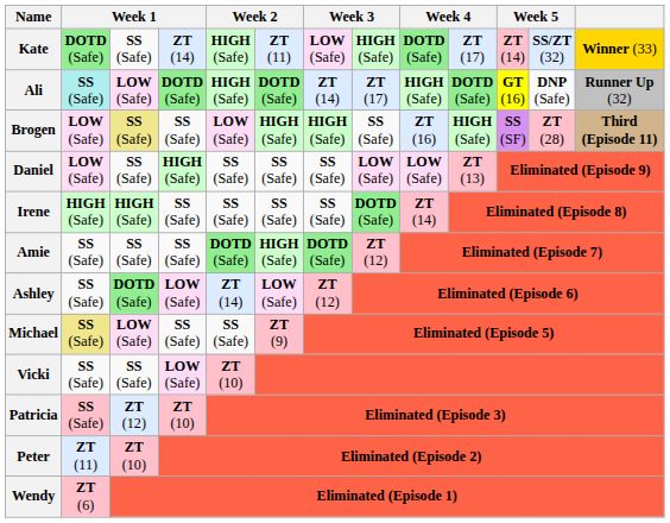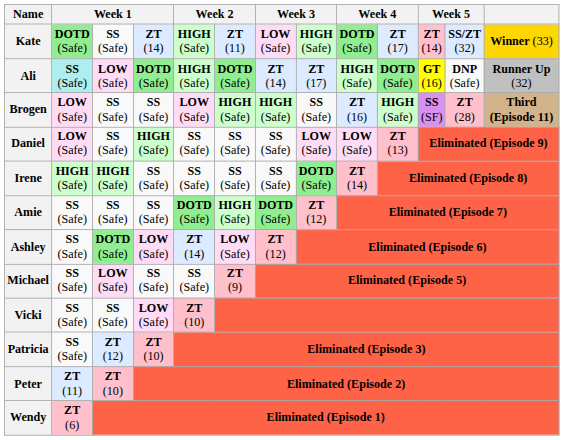 <table class="wikitable" style="width:100%; text-align:center; font-size: 85%; line-height:16px;">
 <tr>
 <th rowspan="1">Name</th>
 <th colspan="3">Week 1</th>
 <th colspan="2">Week 2</th>
 <th colspan="2">Week 3</th>
 <th colspan="2">Week 4</th>
 <th colspan="2">Week 5</th>
 <th></th>
 </tr>
 <tr>
 <th>Kate</th>
 <td style="background:lightgreen;"><strong>DOTD</strong><br>(Safe)</td>
 <td><strong>SS</strong><br>(Safe)</td>
 <td bgcolor="#DCEBFF"><strong>ZT</strong><br>(14)</td>
 <td style="background:#cfc;"><strong>HIGH</strong><br>(Safe)</td>
 <td bgcolor="#DCEBFF"><strong>ZT</strong><br>(11)</td>
 <td style="background:#ffdcf6;"><strong>LOW</strong><br>(Safe)</td>
 <td style="background:#cfc;"><strong>HIGH</strong><br>(Safe)</td>
 <td style="background:lightgreen"><strong>DOTD</strong><br>(Safe)</td>
 <td bgcolor="#DCEBFF"><strong>ZT</strong><br>(17)</td>
 <td style="background:pink;"><strong>ZT</strong><br>(14)</td>
 <td style="background:#DCEBFF;"><strong>SS/ZT</strong><br>(32)</td>
 <td style="background:gold;"><strong>Winner</strong> (33)</td>
 </tr>
 <tr>
 <th>Ali</th>
 <td style="background: paleturquoise;"><strong>SS</strong><br>(Safe)</td>
 <td style="background:#ffdcf6;"><strong>LOW</strong><br>(Safe)</td>
 <td style="background:lightgreen;"><strong>DOTD</strong><br>(Safe)</td>
 <td style="background:#cfc;"><strong>HIGH</strong><br>(Safe)</td>
 <td style="background:lightgreen;"><strong>DOTD</strong><br>(Safe)</td>
 <td bgcolor="#DCEBFF"><strong>ZT</strong><br>(14)</td>
 <td bgcolor="#DCEBFF"><strong>ZT</strong><br>(17)</td>
 <td style="background:#cfc;"><strong>HIGH</strong><br>(Safe)</td>
 <td style="background:lightgreen;"><strong>DOTD</strong><br>(Safe)</td>
 <td style="background:yellow;"><strong>GT</strong><br>(16)</td>
 <td><strong>DNP</strong><br>(Safe)</td>
 <td style="background:silver;"><strong>Runner Up</strong> (32)</td>
 </tr>
 <tr>
 <th>Brogen</th>
 <td style="background:#ffdcf6;"><strong>LOW</strong><br>(Safe)</td>
-<td style="background: khaki;"><strong>SS</strong><br>(Safe)</td>
+<td><strong>SS</strong><br>(Safe)</td>
 <td><strong>SS</strong><br>(Safe)</td>
 <td style="background:#ffdcf6;"><strong>LOW</strong><br>(Safe)</td>
 <td style="background:#cfc;"><strong>HIGH</strong><br>(Safe)</td>
 <td style="background:#cfc;"><strong>HIGH</strong><br>(Safe)</td>
 <td><strong>SS</strong><br>(Safe)</td>
 <td bgcolor="#DCEBFF"><strong>ZT</strong><br>(16)</td>
 <td style="background:#cfc;"><strong>HIGH</strong><br>(Safe)</td>
 <td style="background:#D891EF;"><strong>SS</strong><br>(SF)</td>
 <td style="background:pink;"><strong>ZT</strong><br>(28)</td>
 <td style="background:tan;"><strong>Third (Episode 11)</strong></td>
 </tr>
 <tr>
 <th>Daniel</th>
 <td style="background:#ffdcf6;"><strong>LOW</strong><br>(Safe)</td>
 <td><strong>SS</strong><br>(Safe)</td>
 <td style="background:#cfc;"><strong>HIGH</strong><br> (Safe)</td>
 <td><strong>SS</strong><br>(Safe)</td>
 <td><strong>SS</strong><br>(Safe)</td>
 <td><strong>SS</strong><br>(Safe)</td>
 <td style="background:#ffdcf6;"><strong>LOW</strong><br>(Safe)</td>
 <td style="background:#ffdcf6;"><strong>LOW</strong><br>(Safe)</td>
 <td style="background:pink;"><strong>ZT</strong><br>(13)</td>
 <td colspan="4" style="background:tomato;"><strong>Eliminated (Episode 9)</strong></td>
 </tr>
 <tr>
 <th>Irene</th>
 <td style="background:#cfc;"><strong>HIGH</strong><br>(Safe)</td>
 <td style="background:#cfc;"><strong>HIGH</strong><br>(Safe)</td>
 <td><strong>SS</strong><br>(Safe)</td>
 <td><strong>SS</strong><br>(Safe)</td>
 <td><strong>SS</strong><br>(Safe)</td>
 <td><strong>SS</strong><br>(Safe)</td>
 <td style="background:lightgreen;"><strong>DOTD</strong><br>(Safe)</td>
 <td style="background:pink;"><strong>ZT</strong><br>(14)</td>
 <td colspan="5" style="background:tomato;"><strong>Eliminated (Episode 8)</strong></td>
 </tr>
 <tr>
 <th>Amie</th>
 <td><strong>SS</strong><br>(Safe)</td>
 <td><strong>SS</strong><br>(Safe)</td>
 <td><strong>SS</strong><br>(Safe)</td>
 <td style="background:lightgreen;"><strong>DOTD</strong><br>(Safe)</td>
 <td style="background:#cfc;"><strong>HIGH</strong><br>(Safe)</td>
 <td style="background:lightgreen;"><strong>DOTD</strong><br>(Safe)</td>
 <td style="background:pink;"><strong>ZT</strong><br>(12)</td>
 <td colspan="6" style="background:tomato;"><strong>Eliminated (Episode 7)</strong></td>
 </tr>
 <tr>
 <th>Ashley</th>
 <td><strong>SS</strong><br>(Safe)</td>
 <td style="background:lightgreen;"><strong>DOTD</strong><br>(Safe)</td>
 <td style="background:#ffdcf6;"><strong>LOW</strong><br>(Safe)</td>
 <td bgcolor="#DCEBFF"><strong>ZT</strong><br>(14)</td>
 <td style="background:#ffdcf6;"><strong>LOW</strong><br>(Safe)</td>
 <td style="background:pink;"><strong>ZT</strong><br>(12)</td>
 <td colspan="7" style="background:tomato;"><strong>Eliminated (Episode 6)</strong></td>
 </tr>
 <tr>
 <th>Michael</th>
-<td style="background: khaki;"><strong>SS</strong><br>(Safe)</td>
+<td><strong>SS</strong><br>(Safe)</td>
 <td style="background:#ffdcf6;"><strong>LOW</strong><br>(Safe)</td>
 <td><strong>SS</strong><br>(Safe)</td>
 <td><strong>SS</strong><br>(Safe)</td>
 <td style="background:pink;"><strong>ZT</strong><br>(9)</td>
 <td colspan="8" style="background:tomato;"><strong>Eliminated (Episode 5)</strong></td>
 </tr>
 <tr>
 <th>Vicki</th>
 <td><strong>SS</strong><br>(Safe)</td>
 <td><strong>SS</strong><br>(Safe)</td>
 <td style="background:#ffdcf6;"><strong>LOW</strong><br>(Safe)</td>
 <td style="background:pink;"><strong>ZT</strong><br>(10)</td>
 <td colspan="9" style="background:tomato;"></td>
 </tr>
 <tr>
 <th>Patricia</th>
-<td style="background: pink;"><strong>SS</strong><br>(Safe)</td>
+<td><strong>SS</strong><br>(Safe)</td>
 <td bgcolor="#DCEBFF"><strong>ZT</strong><br>(12)</td>
 <td style="background:pink;"><strong>ZT</strong><br>(10)</td>
 <td colspan="10" style="background:tomato;"><strong>Eliminated (Episode 3)</strong></td>
 </tr>
 <tr>
 <th>Peter</th>
 <td bgcolor="#DCEBFF"><strong>ZT</strong><br>(11)</td>
 <td style="background:pink;"><strong>ZT</strong><br>(10)</td>
 <td colspan="11" style="background:tomato;"><strong>Eliminated (Episode 2)</strong></td>
 </tr>
 <tr>
 <th>Wendy</th>
 <td style="background:pink;"><strong>ZT</strong><br>(6)</td>
 <td colspan="12" style="background:tomato;"><strong>Eliminated (Episode 1)</strong></td>
 </tr>
 </table>
